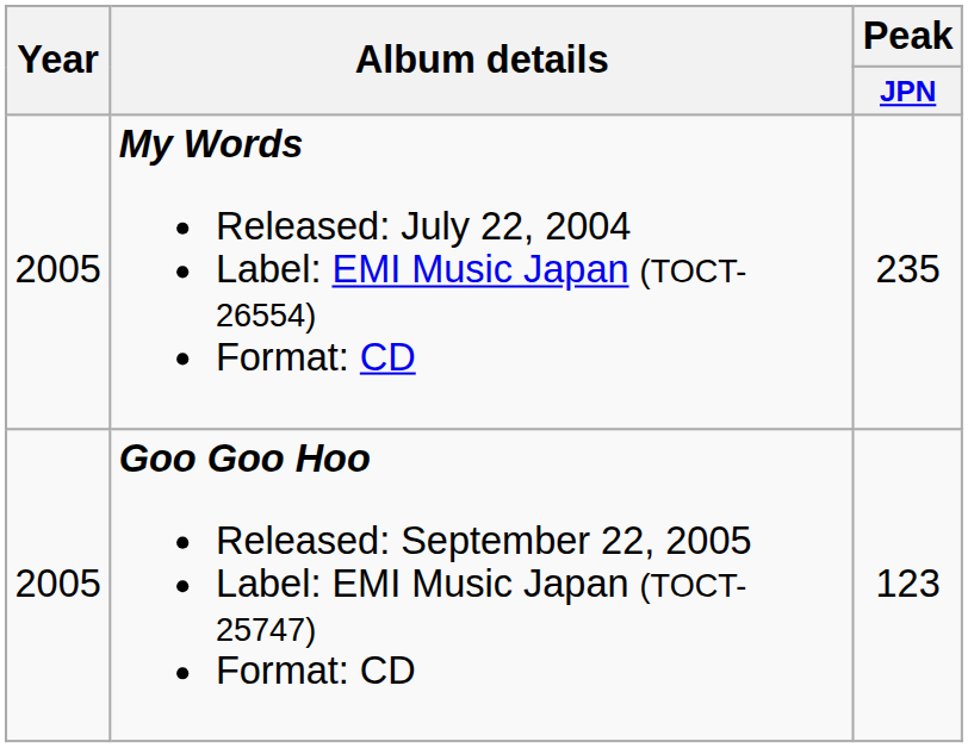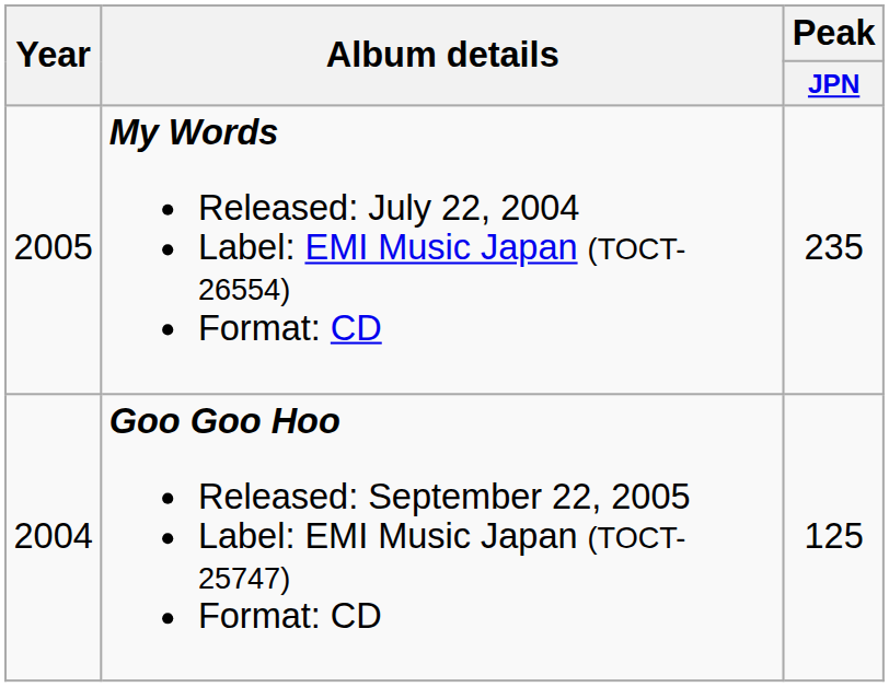 <table class="wikitable">
 <tr>
 <th rowspan="2">Year</th>
 <th rowspan="2" width="300">Album details</th>
 <th colspan="1">Peak</th>
 </tr>
 <tr>
 <th style="width:2em;font-size:75%"><a href='#'>JPN</a><br></th>
 </tr>
 <tr>
 <td>2005</td>
 <td><strong><em>My Words</em></strong><br><ul><li>Released: July 22, 2004</li><li>Label: <a href='#'>EMI Music Japan</a> <small>(TOCT-26554)</small></li><li>Format: <a href='#'>CD</a></li></ul></td>
 <td align="center">235</td>
 </tr>
 <tr>
-<td>2005</td>
+<td>2004</td>
 <td><strong><em>Goo Goo Hoo</em></strong><br><ul><li>Released: September 22, 2005</li><li>Label: EMI Music Japan <small>(TOCT-25747)</small></li><li>Format: CD</li></ul></td>
-<td align="center">123</td>
+<td align="center">125</td>
 </tr>
 </table>
